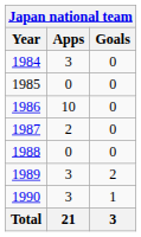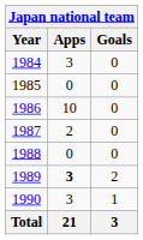 <table class="wikitable" style="text-align:center">
 <tr>
 <th colspan=3><a href='#'>Japan national team</a></th>
 </tr>
 <tr>
 <th>Year</th>
 <th>Apps</th>
 <th>Goals</th>
 </tr>
 <tr>
 <td><a href='#'>1984</a></td>
 <td>3</td>
 <td>0</td>
 </tr>
 <tr>
 <td>1985</td>
 <td>0</td>
 <td>0</td>
 </tr>
 <tr>
 <td><a href='#'>1986</a></td>
 <td>10</td>
 <td>0</td>
 </tr>
 <tr>
 <td><a href='#'>1987</a></td>
 <td>2</td>
 <td>0</td>
 </tr>
 <tr>
 <td><a href='#'>1988</a></td>
 <td>0</td>
 <td>0</td>
 </tr>
 <tr>
 <td><a href='#'>1989</a></td>
-<td>3</td>
+<td><strong>3</strong></td>
 <td>2</td>
 </tr>
 <tr>
 <td><a href='#'>1990</a></td>
 <td>3</td>
 <td>1</td>
 </tr>
 <tr>
 <th>Total</th>
 <th>21</th>
 <th>3</th>
 </tr>
 </table>
